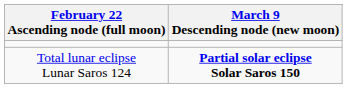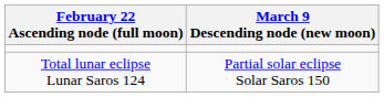 <table class="wikitable">
 <tr>
 <th><a href='#'>February 22</a><br>Ascending node (full moon)<br></th>
 <th><a href='#'>March 9</a><br>Descending node (new moon)<br></th>
 </tr>
 <tr>
 <td></td>
 <td></td>
 </tr>
 <tr align=center>
 <td><a href='#'>Total lunar eclipse</a><br>Lunar Saros 124</td>
-<td><strong><a href='#'>Partial solar eclipse</a><br>Solar Saros 150</strong></td>
+<td><a href='#'>Partial solar eclipse</a><br>Solar Saros 150</td>
 </tr>
 </table>
